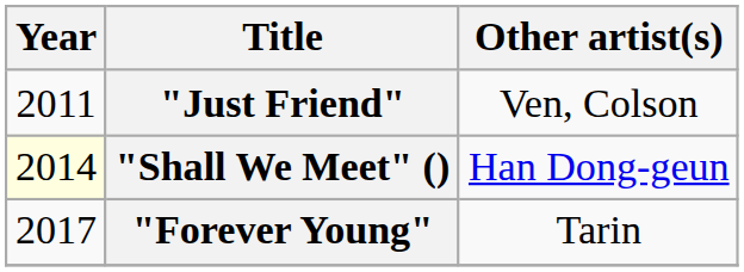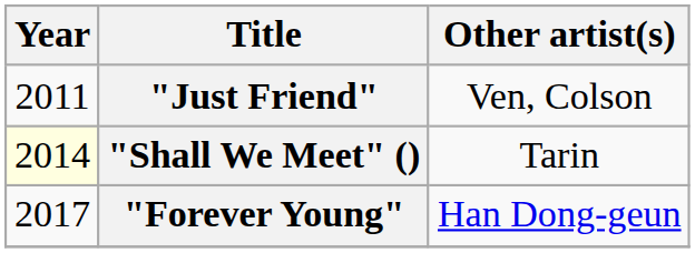 <table class="wikitable plainrowheaders" style="text-align:center;">
 <tr>
 <th scope="col">Year</th>
 <th scope="col">Title</th>
 <th scope="col">Other artist(s)</th>
 </tr>
 <tr>
 <td>2011</td>
 <th scope="row">"Just Friend"</th>
 <td>Ven, Colson</td>
 </tr>
 <tr>
 <td style="background: lightyellow;">2014</td>
 <th scope="row">"Shall We Meet" ()</th>
-<td><a href='#'>Han Dong-geun</a></td>
+<td>Tarin</td>
 </tr>
 <tr>
 <td>2017</td>
 <th scope="row">"Forever Young"</th>
-<td>Tarin</td>
+<td><a href='#'>Han Dong-geun</a></td>
 </tr>
 <tr>
 </tr>
 </table>
